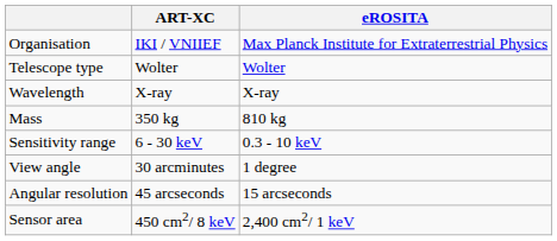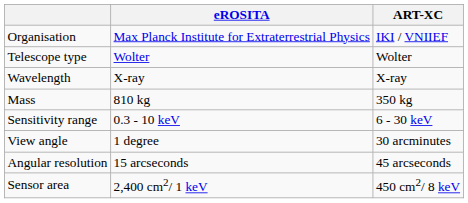 <table class="wikitable">
 <tr>
 <th></th>
+<th><a href='#'>eROSITA</a></th>
 <th>ART-XC</th>
-<th><a href='#'>eROSITA</a></th>
 </tr>
 <tr>
 <td>Organisation</td>
+<td><a href='#'>Max Planck Institute for Extraterrestrial Physics</a></td>
 <td><a href='#'>IKI</a> / <a href='#'>VNIIEF</a></td>
-<td><a href='#'>Max Planck Institute for Extraterrestrial Physics</a></td>
 </tr>
 <tr>
 <td>Telescope type</td>
+<td><a href='#'>Wolter</a></td>
 <td>Wolter</td>
-<td><a href='#'>Wolter</a></td>
 </tr>
 <tr>
 <td>Wavelength</td>
 <td>X-ray</td>
 <td>X-ray</td>
 </tr>
 <tr>
 <td>Mass</td>
+<td>810 kg</td>
 <td>350 kg</td>
-<td>810 kg</td>
 </tr>
 <tr>
 <td>Sensitivity range</td>
+<td>0.3 - 10 <a href='#'>keV</a></td>
 <td>6 - 30 <a href='#'>keV</a></td>
-<td>0.3 - 10 <a href='#'>keV</a></td>
 </tr>
 <tr>
 <td>View angle</td>
+<td>1 degree</td>
 <td>30 arcminutes</td>
-<td>1 degree</td>
 </tr>
 <tr>
 <td>Angular resolution</td>
+<td>15 arcseconds</td>
 <td>45 arcseconds</td>
-<td>15 arcseconds</td>
 </tr>
 <tr>
 <td>Sensor area</td>
+<td>2,400 cm<sup>2</sup>/ 1 <a href='#'>keV</a></td>
 <td>450 cm<sup>2</sup>/ 8 <a href='#'>keV</a></td>
-<td>2,400 cm<sup>2</sup>/ 1 <a href='#'>keV</a></td>
 </tr>
 </table>
